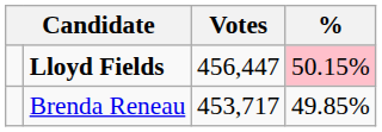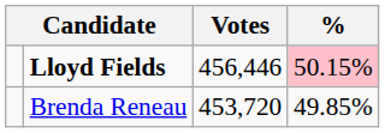 <table class="wikitable">
 <tr>
 <th colspan="2" rowspan="1" align="center" valign="top"><strong>Candidate</strong></th>
 <th valign="top"><strong>Votes</strong></th>
 <th valign="top"><strong>%</strong></th>
 </tr>
 <tr>
 <td style="background-color:"> </td>
 <td><strong>Lloyd Fields</strong></td>
-<td>456,447</td>
+<td>456,446</td>
 <td style="background: pink;">50.15%</td>
 </tr>
 <tr>
 <td style="background-color:"> </td>
 <td><a href='#'>Brenda Reneau</a></td>
-<td>453,717</td>
+<td>453,720</td>
 <td>49.85%</td>
 </tr>
 </table>
